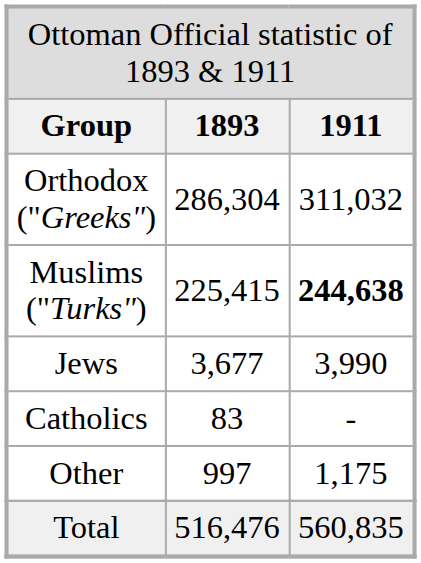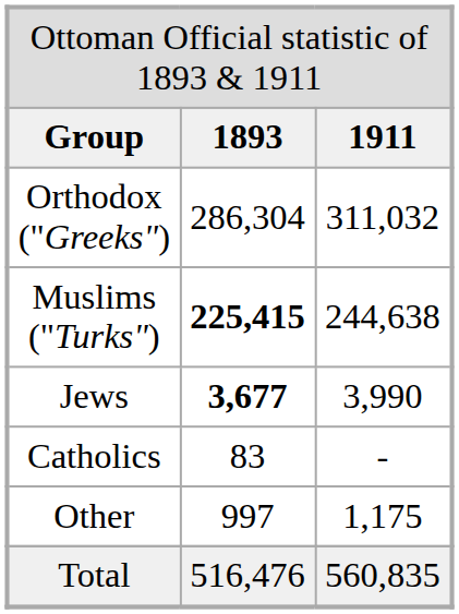 <table cellpadding="4" cellspacing="0" width=180 align="left" rules="all" style="margin: 1em; background: #ffffff; border: 2px solid #aaa; font-size: 100%;">
 <tr bgcolor=#DDDDDD>
 <td colspan=8 align="center">Ottoman Official statistic of 1893 & 1911</td>
 </tr>
 <tr bgcolor=#f0f0f0 align="center">
 <th>Group</th>
 <th>1893</th>
 <th>1911</th>
 </tr>
 <tr align="center">
 <td>Orthodox ("<em>Greeks"</em>)</td>
 <td>286,304</td>
 <td>311,032</td>
 </tr>
 <tr align="center">
 <td>Muslims ("<em>Turks"</em>)</td>
-<td>225,415</td>
-<td><strong>244,638</strong></td>
+<td><strong>225,415</strong></td>
+<td>244,638</td>
 </tr>
 <tr align="center">
 <td>Jews</td>
-<td>3,677</td>
+<td><strong>3,677</strong></td>
 <td>3,990</td>
 </tr>
 <tr align="center">
 <td>Catholics</td>
 <td>83</td>
 <td>-</td>
 </tr>
 <tr align="center">
 <td>Other</td>
 <td>997</td>
 <td>1,175</td>
 </tr>
 <tr align="center">
 </tr>
 <tr bgcolor=#f0f0f0 align="center">
 <td>Total</td>
 <td>516,476</td>
 <td>560,835</td>
 </tr>
 <tr>
 </tr>
 </table>
